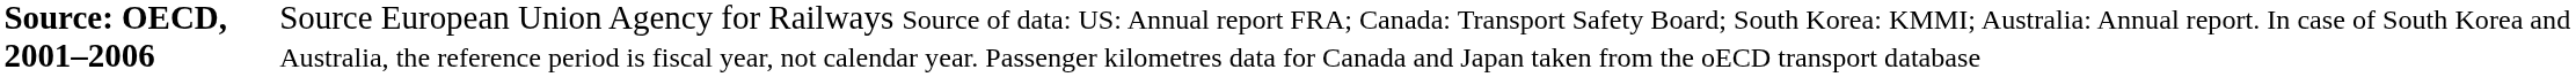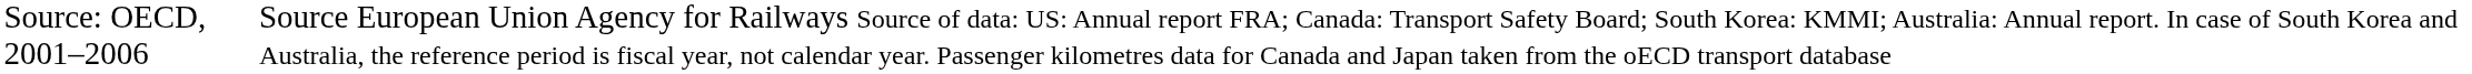 <table>
 <tr>
 <td></td>
 <td></td>
 </tr>
 <tr>
-<td><strong>Source: OECD, 2001–2006</strong></td>
+<td>Source: OECD, 2001–2006</td>
 <td>Source European Union Agency for Railways <small> Source of data: US: Annual report FRA; Canada: Transport Safety Board; South Korea: KMMI; Australia: Annual report. In case of South Korea and Australia, the reference period is fiscal year, not calendar year. Passenger kilometres data for Canada and Japan taken from the oECD transport database</small></td>
 </tr>
 </table>
